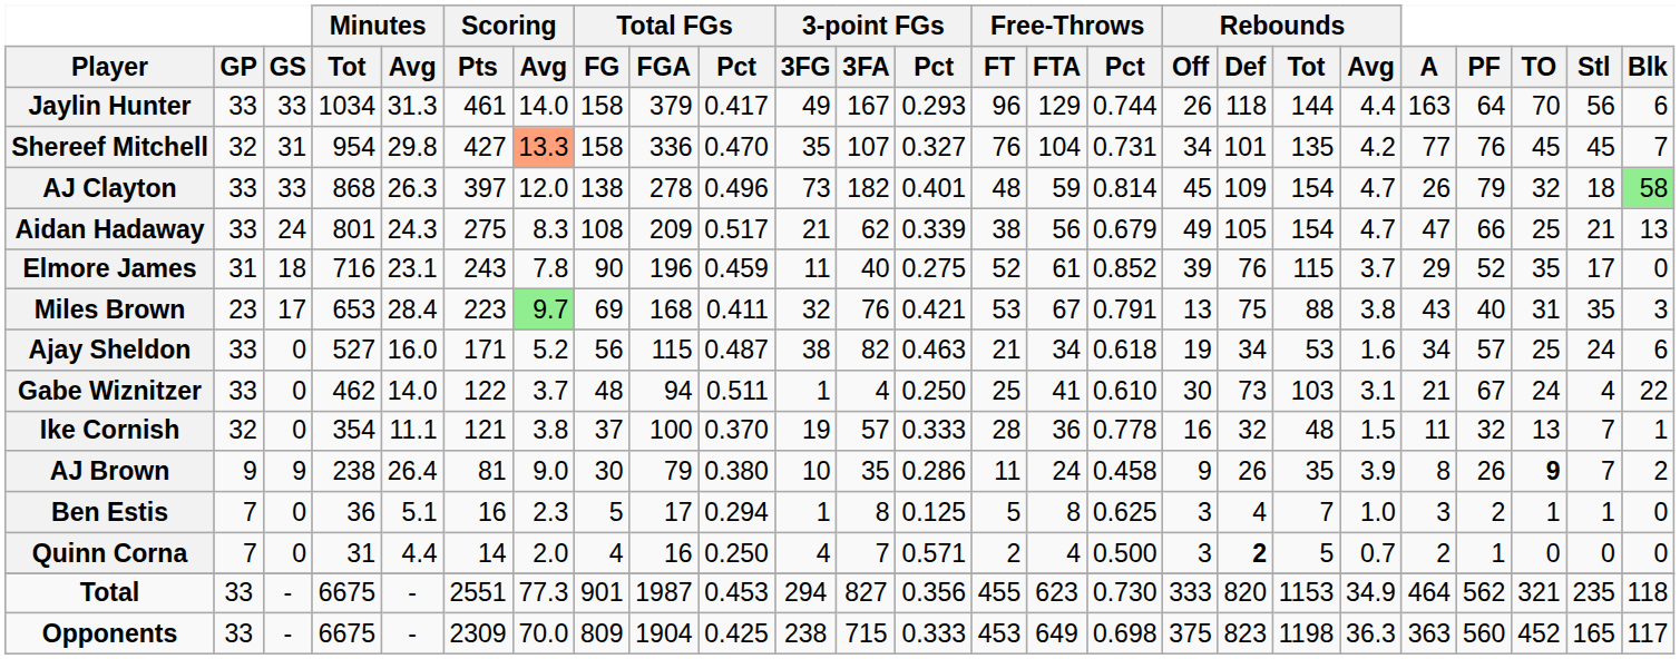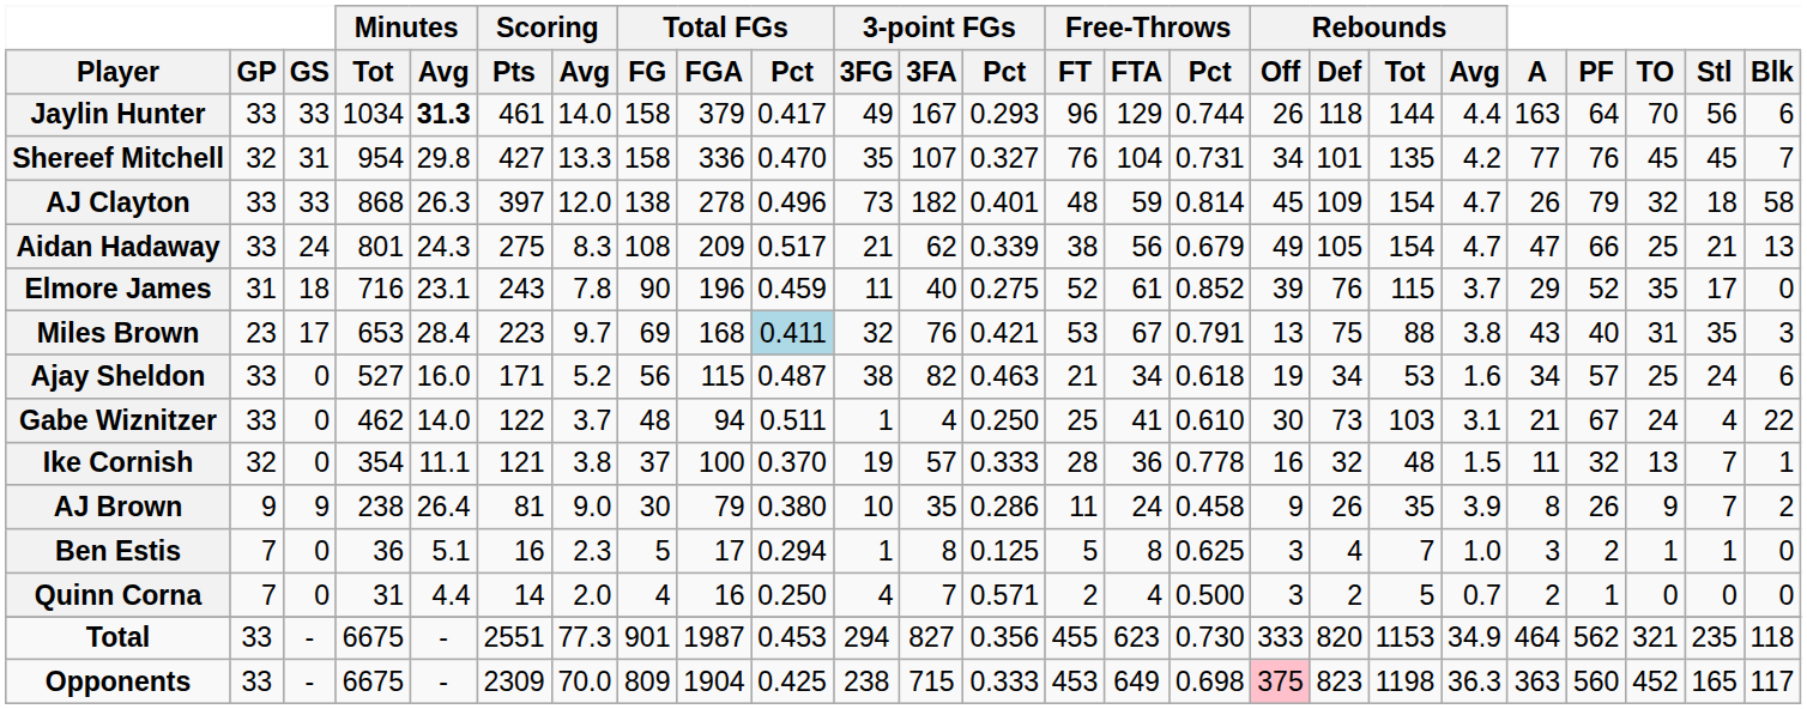 <table class="wikitable sortable" border="1" style="font-size:90%;">
 <tr>
 <th colspan="3" style="border-top-style:hidden; border-left-style:hidden; background: white;"></th>
 <th colspan="2" style=>Minutes</th>
 <th colspan="2" style=>Scoring</th>
 <th colspan="3" style=>Total FGs</th>
 <th colspan="3" style=>3-point FGs</th>
 <th colspan="3" style=>Free-Throws</th>
 <th colspan="4" style=>Rebounds</th>
 <th colspan="5" style="border-top-style:hidden; border-right-style:hidden; background: white;"></th>
 </tr>
 <tr>
 <th scope="col" style=>Player</th>
 <th scope="col" style=>GP</th>
 <th scope="col" style=>GS</th>
 <th scope="col" style=>Tot</th>
 <th scope="col" style=>Avg</th>
 <th scope="col" style=>Pts</th>
 <th scope="col" style=>Avg</th>
 <th scope="col" style=>FG</th>
 <th scope="col" style=>FGA</th>
 <th scope="col" style=>Pct</th>
 <th scope="col" style=>3FG</th>
 <th scope="col" style=>3FA</th>
 <th scope="col" style=>Pct</th>
 <th scope="col" style=>FT</th>
 <th scope="col" style=>FTA</th>
 <th scope="col" style=>Pct</th>
 <th scope="col" style=>Off</th>
 <th scope="col" style=>Def</th>
 <th scope="col" style=>Tot</th>
 <th scope="col" style=>Avg</th>
 <th scope="col" style=>A</th>
 <th scope="col" style=>PF</th>
 <th scope="col" style=>TO</th>
 <th scope="col" style=>Stl</th>
 <th scope="col" style=>Blk</th>
 </tr>
 <tr>
 <th>Jaylin Hunter</th>
 <td align="right">33</td>
 <td align="right">33</td>
 <td align="right">1034</td>
-<td align="right">31.3</td>
+<td align="right"><strong>31.3</strong></td>
 <td align="right">461</td>
 <td align="right">14.0</td>
 <td align="right">158</td>
 <td align="right">379</td>
 <td align="right">0.417</td>
 <td align="right">49</td>
 <td align="right">167</td>
 <td align="right">0.293</td>
 <td align="right">96</td>
 <td align="right">129</td>
 <td align="right">0.744</td>
 <td align="right">26</td>
 <td align="right">118</td>
 <td align="right">144</td>
 <td align="right">4.4</td>
 <td align="right">163</td>
 <td align="right">64</td>
 <td align="right">70</td>
 <td align="right">56</td>
 <td align="right">6</td>
 </tr>
 <tr>
 <th>Shereef Mitchell</th>
 <td align="right">32</td>
 <td align="right">31</td>
 <td align="right">954</td>
 <td align="right">29.8</td>
 <td align="right">427</td>
-<td align="right" style="background: lightsalmon;">13.3</td>
+<td align="right">13.3</td>
 <td align="right">158</td>
 <td align="right">336</td>
 <td align="right">0.470</td>
 <td align="right">35</td>
 <td align="right">107</td>
 <td align="right">0.327</td>
 <td align="right">76</td>
 <td align="right">104</td>
 <td align="right">0.731</td>
 <td align="right">34</td>
 <td align="right">101</td>
 <td align="right">135</td>
 <td align="right">4.2</td>
 <td align="right">77</td>
 <td align="right">76</td>
 <td align="right">45</td>
 <td align="right">45</td>
 <td align="right">7</td>
 </tr>
 <tr>
 <th>AJ Clayton</th>
 <td align="right">33</td>
 <td align="right">33</td>
 <td align="right">868</td>
 <td align="right">26.3</td>
 <td align="right">397</td>
 <td align="right">12.0</td>
 <td align="right">138</td>
 <td align="right">278</td>
 <td align="right">0.496</td>
 <td align="right">73</td>
 <td align="right">182</td>
 <td align="right">0.401</td>
 <td align="right">48</td>
 <td align="right">59</td>
 <td align="right">0.814</td>
 <td align="right">45</td>
 <td align="right">109</td>
 <td align="right">154</td>
 <td align="right">4.7</td>
 <td align="right">26</td>
 <td align="right">79</td>
 <td align="right">32</td>
 <td align="right">18</td>
-<td align="right" style="background: lightgreen;">58</td>
+<td align="right">58</td>
 </tr>
 <tr>
 <th>Aidan Hadaway</th>
 <td align="right">33</td>
 <td align="right">24</td>
 <td align="right">801</td>
 <td align="right">24.3</td>
 <td align="right">275</td>
 <td align="right">8.3</td>
 <td align="right">108</td>
 <td align="right">209</td>
 <td align="right">0.517</td>
 <td align="right">21</td>
 <td align="right">62</td>
 <td align="right">0.339</td>
 <td align="right">38</td>
 <td align="right">56</td>
 <td align="right">0.679</td>
 <td align="right">49</td>
 <td align="right">105</td>
 <td align="right">154</td>
 <td align="right">4.7</td>
 <td align="right">47</td>
 <td align="right">66</td>
 <td align="right">25</td>
 <td align="right">21</td>
 <td align="right">13</td>
 </tr>
 <tr>
 <th>Elmore James</th>
 <td align="right">31</td>
 <td align="right">18</td>
 <td align="right">716</td>
 <td align="right">23.1</td>
 <td align="right">243</td>
 <td align="right">7.8</td>
 <td align="right">90</td>
 <td align="right">196</td>
 <td align="right">0.459</td>
 <td align="right">11</td>
 <td align="right">40</td>
 <td align="right">0.275</td>
 <td align="right">52</td>
 <td align="right">61</td>
 <td align="right">0.852</td>
 <td align="right">39</td>
 <td align="right">76</td>
 <td align="right">115</td>
 <td align="right">3.7</td>
 <td align="right">29</td>
 <td align="right">52</td>
 <td align="right">35</td>
 <td align="right">17</td>
 <td align="right">0</td>
 </tr>
 <tr>
 <th>Miles Brown</th>
 <td align="right">23</td>
 <td align="right">17</td>
 <td align="right">653</td>
 <td align="right">28.4</td>
 <td align="right">223</td>
-<td align="right" style="background: lightgreen;">9.7</td>
+<td align="right">9.7</td>
 <td align="right">69</td>
 <td align="right">168</td>
-<td align="right">0.411</td>
+<td align="right" style="background: lightblue;">0.411</td>
 <td align="right">32</td>
 <td align="right">76</td>
 <td align="right">0.421</td>
 <td align="right">53</td>
 <td align="right">67</td>
 <td align="right">0.791</td>
 <td align="right">13</td>
 <td align="right">75</td>
 <td align="right">88</td>
 <td align="right">3.8</td>
 <td align="right">43</td>
 <td align="right">40</td>
 <td align="right">31</td>
 <td align="right">35</td>
 <td align="right">3</td>
 </tr>
 <tr>
 <th>Ajay Sheldon</th>
 <td align="right">33</td>
 <td align="right">0</td>
 <td align="right">527</td>
 <td align="right">16.0</td>
 <td align="right">171</td>
 <td align="right">5.2</td>
 <td align="right">56</td>
 <td align="right">115</td>
 <td align="right">0.487</td>
 <td align="right">38</td>
 <td align="right">82</td>
 <td align="right">0.463</td>
 <td align="right">21</td>
 <td align="right">34</td>
 <td align="right">0.618</td>
 <td align="right">19</td>
 <td align="right">34</td>
 <td align="right">53</td>
 <td align="right">1.6</td>
 <td align="right">34</td>
 <td align="right">57</td>
 <td align="right">25</td>
 <td align="right">24</td>
 <td align="right">6</td>
 </tr>
 <tr>
 <th>Gabe Wiznitzer</th>
 <td align="right">33</td>
 <td align="right">0</td>
 <td align="right">462</td>
 <td align="right">14.0</td>
 <td align="right">122</td>
 <td align="right">3.7</td>
 <td align="right">48</td>
 <td align="right">94</td>
 <td align="right">0.511</td>
 <td align="right">1</td>
 <td align="right">4</td>
 <td align="right">0.250</td>
 <td align="right">25</td>
 <td align="right">41</td>
 <td align="right">0.610</td>
 <td align="right">30</td>
 <td align="right">73</td>
 <td align="right">103</td>
 <td align="right">3.1</td>
 <td align="right">21</td>
 <td align="right">67</td>
 <td align="right">24</td>
 <td align="right">4</td>
 <td align="right">22</td>
 </tr>
 <tr>
 <th>Ike Cornish</th>
 <td align="right">32</td>
 <td align="right">0</td>
 <td align="right">354</td>
 <td align="right">11.1</td>
 <td align="right">121</td>
 <td align="right">3.8</td>
 <td align="right">37</td>
 <td align="right">100</td>
 <td align="right">0.370</td>
 <td align="right">19</td>
 <td align="right">57</td>
 <td align="right">0.333</td>
 <td align="right">28</td>
 <td align="right">36</td>
 <td align="right">0.778</td>
 <td align="right">16</td>
 <td align="right">32</td>
 <td align="right">48</td>
 <td align="right">1.5</td>
 <td align="right">11</td>
 <td align="right">32</td>
 <td align="right">13</td>
 <td align="right">7</td>
 <td align="right">1</td>
 </tr>
 <tr>
 <th>AJ Brown</th>
 <td align="right">9</td>
 <td align="right">9</td>
 <td align="right">238</td>
 <td align="right">26.4</td>
 <td align="right">81</td>
 <td align="right">9.0</td>
 <td align="right">30</td>
 <td align="right">79</td>
 <td align="right">0.380</td>
 <td align="right">10</td>
 <td align="right">35</td>
 <td align="right">0.286</td>
 <td align="right">11</td>
 <td align="right">24</td>
 <td align="right">0.458</td>
 <td align="right">9</td>
 <td align="right">26</td>
 <td align="right">35</td>
 <td align="right">3.9</td>
 <td align="right">8</td>
 <td align="right">26</td>
-<td align="right"><strong>9</strong></td>
+<td align="right">9</td>
 <td align="right">7</td>
 <td align="right">2</td>
 </tr>
 <tr>
 <th>Ben Estis</th>
 <td align="right">7</td>
 <td align="right">0</td>
 <td align="right">36</td>
 <td align="right">5.1</td>
 <td align="right">16</td>
 <td align="right">2.3</td>
 <td align="right">5</td>
 <td align="right">17</td>
 <td align="right">0.294</td>
 <td align="right">1</td>
 <td align="right">8</td>
 <td align="right">0.125</td>
 <td align="right">5</td>
 <td align="right">8</td>
 <td align="right">0.625</td>
 <td align="right">3</td>
 <td align="right">4</td>
 <td align="right">7</td>
 <td align="right">1.0</td>
 <td align="right">3</td>
 <td align="right">2</td>
 <td align="right">1</td>
 <td align="right">1</td>
 <td align="right">0</td>
 </tr>
 <tr>
 <th>Quinn Corna</th>
 <td align="right">7</td>
 <td align="right">0</td>
 <td align="right">31</td>
 <td align="right">4.4</td>
 <td align="right">14</td>
 <td align="right">2.0</td>
 <td align="right">4</td>
 <td align="right">16</td>
 <td align="right">0.250</td>
 <td align="right">4</td>
 <td align="right">7</td>
 <td align="right">0.571</td>
 <td align="right">2</td>
 <td align="right">4</td>
 <td align="right">0.500</td>
 <td align="right">3</td>
-<td align="right"><strong>2</strong></td>
+<td align="right">2</td>
 <td align="right">5</td>
 <td align="right">0.7</td>
 <td align="right">2</td>
 <td align="right">1</td>
 <td align="right">0</td>
 <td align="right">0</td>
 <td align="right">0</td>
 </tr>
 <tr>
 </tr>
 <tr class="sortbottom">
 <td align="center" style=><strong>Total</strong></td>
 <td align="center" style=>33</td>
 <td align="center" style=>-</td>
 <td align="center" style=>6675</td>
 <td align="center" style=>-</td>
 <td align="center" style=>2551</td>
 <td align="center" style=>77.3</td>
 <td align="center" style=>901</td>
 <td align="center" style=>1987</td>
 <td align="center" style=>0.453</td>
 <td align="center" style=>294</td>
 <td align="center" style=>827</td>
 <td align="center" style=>0.356</td>
 <td align="center" style=>455</td>
 <td align="center" style=>623</td>
 <td align="center" style=>0.730</td>
 <td align="center" style=>333</td>
 <td align="center" style=>820</td>
 <td align="center" style=>1153</td>
 <td align="center" style=>34.9</td>
 <td align="center" style=>464</td>
 <td align="center" style=>562</td>
 <td align="center" style=>321</td>
 <td align="center" style=>235</td>
 <td align="center" style=>118</td>
 </tr>
 <tr class="sortbottom">
 <td align="center"><strong>Opponents</strong></td>
 <td align="center">33</td>
 <td align="center">-</td>
 <td align="center">6675</td>
 <td align="center">-</td>
 <td align="center">2309</td>
 <td align="center">70.0</td>
 <td align="center">809</td>
 <td align="center">1904</td>
 <td align="center">0.425</td>
 <td align="center">238</td>
 <td align="center">715</td>
 <td align="center">0.333</td>
 <td align="center">453</td>
 <td align="center">649</td>
 <td align="center">0.698</td>
-<td align="center">375</td>
+<td align="center" style="background: pink;">375</td>
 <td align="center">823</td>
 <td align="center">1198</td>
 <td align="center">36.3</td>
 <td align="center">363</td>
 <td align="center">560</td>
 <td align="center">452</td>
 <td align="center">165</td>
 <td align="center">117</td>
 </tr>
 </table>
